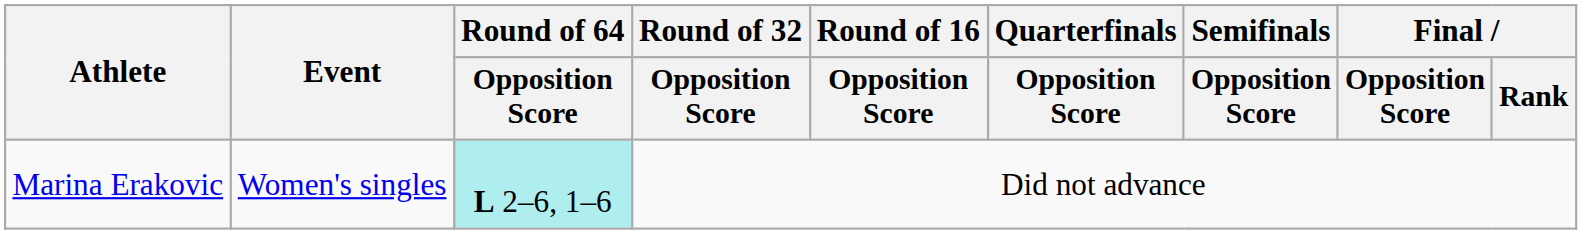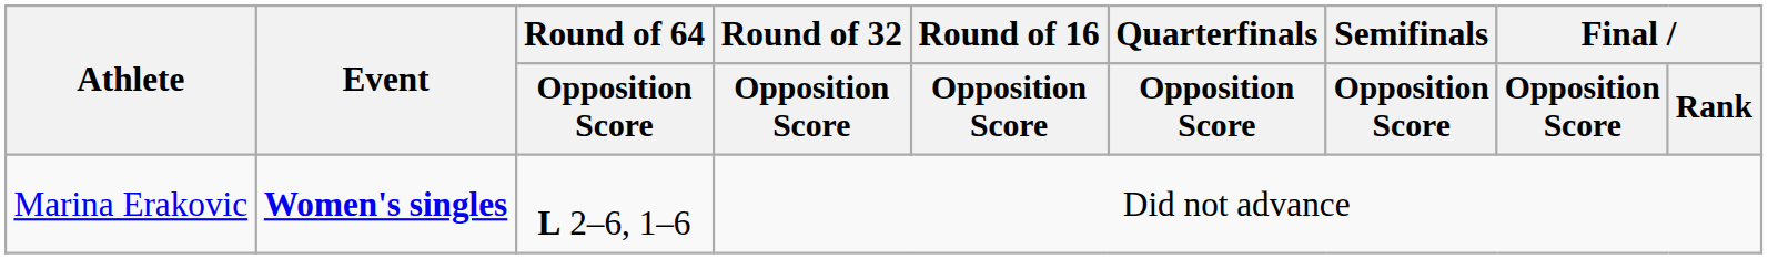 <table class=wikitable style="font-size:90%">
 <tr>
 <th rowspan="2">Athlete</th>
 <th rowspan="2">Event</th>
 <th>Round of 64</th>
 <th>Round of 32</th>
 <th>Round of 16</th>
 <th>Quarterfinals</th>
 <th>Semifinals</th>
 <th colspan=2>Final / </th>
 </tr>
 <tr style="font-size:95%">
 <th>Opposition<br>Score</th>
 <th>Opposition<br>Score</th>
 <th>Opposition<br>Score</th>
 <th>Opposition<br>Score</th>
 <th>Opposition<br>Score</th>
 <th>Opposition<br>Score</th>
 <th>Rank</th>
 </tr>
 <tr align=center>
 <td align=left><a href='#'>Marina Erakovic</a></td>
-<td align=left><a href='#'>Women's singles</a></td>
-<td style="background: paleturquoise;"><br><strong>L</strong> 2–6, 1–6</td>
+<td align=left><strong><a href='#'>Women's singles</a></strong></td>
+<td><br><strong>L</strong> 2–6, 1–6</td>
 <td colspan=6>Did not advance</td>
 </tr>
 </table>
